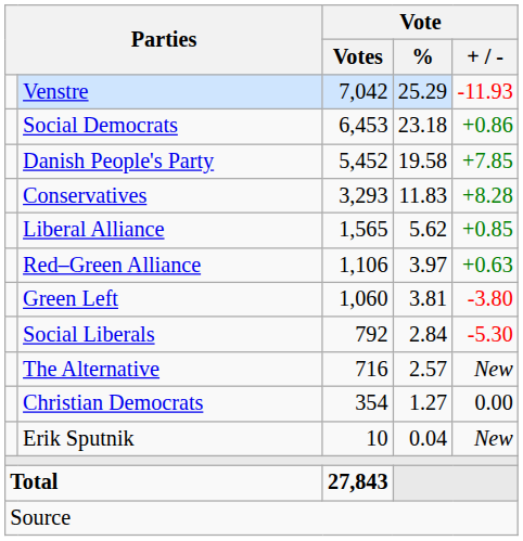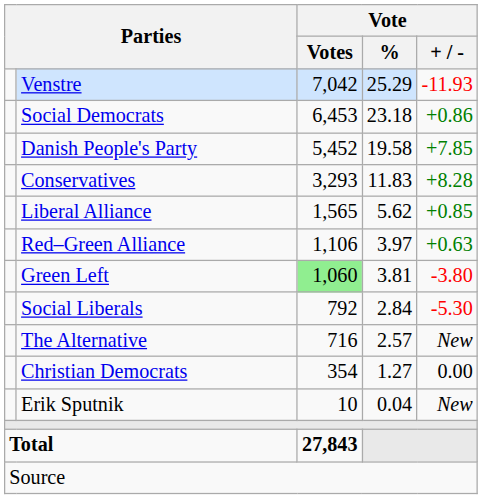 <table class="wikitable" style="text-align:right;">
 <tr>
 <th style="text-align:centre;" rowspan="2" colspan="2" width="225">Parties</th>
 <th colspan="3">Vote</th>
 </tr>
 <tr>
 <th width="15">Votes</th>
 <th width="15">%</th>
 <th width="15">+ / -</th>
 </tr>
 <tr>
 <td width="2" style="color:inherit;background:"></td>
 <td bgcolor=#cfe5fe  align="left"><a href='#'>Venstre</a></td>
 <td bgcolor=#cfe5fe>7,042</td>
 <td bgcolor=#cfe5fe>25.29</td>
 <td style=color:red;>-11.93</td>
 </tr>
 <tr>
 <td width="2" style="color:inherit;background:"></td>
 <td align="left"><a href='#'>Social Democrats</a></td>
 <td>6,453</td>
 <td>23.18</td>
 <td style=color:green;>+0.86</td>
 </tr>
 <tr>
 <td width="2" style="color:inherit;background:"></td>
 <td align="left"><a href='#'>Danish People's Party</a></td>
 <td>5,452</td>
 <td>19.58</td>
 <td style=color:green;>+7.85</td>
 </tr>
 <tr>
 <td width="2" style="color:inherit;background:"></td>
 <td align="left"><a href='#'>Conservatives</a></td>
 <td>3,293</td>
 <td>11.83</td>
 <td style=color:green;>+8.28</td>
 </tr>
 <tr>
 <td width="2" style="color:inherit;background:"></td>
 <td align="left"><a href='#'>Liberal Alliance</a></td>
 <td>1,565</td>
 <td>5.62</td>
 <td style=color:green;>+0.85</td>
 </tr>
 <tr>
 <td width="2" style="color:inherit;background:"></td>
 <td align="left"><a href='#'>Red–Green Alliance</a></td>
 <td>1,106</td>
 <td>3.97</td>
 <td style=color:green;>+0.63</td>
 </tr>
 <tr>
 <td width="2" style="color:inherit;background:"></td>
 <td align="left"><a href='#'>Green Left</a></td>
-<td>1,060</td>
+<td style="background: lightgreen;">1,060</td>
 <td>3.81</td>
 <td style=color:red;>-3.80</td>
 </tr>
 <tr>
 <td width="2" style="color:inherit;background:"></td>
 <td align="left"><a href='#'>Social Liberals</a></td>
 <td>792</td>
 <td>2.84</td>
 <td style=color:red;>-5.30</td>
 </tr>
 <tr>
 <td width="2" style="color:inherit;background:"></td>
 <td align="left"><a href='#'>The Alternative</a></td>
 <td>716</td>
 <td>2.57</td>
 <td><em>New</em></td>
 </tr>
 <tr>
 <td width="2" style="color:inherit;background:"></td>
 <td align="left"><a href='#'>Christian Democrats</a></td>
 <td>354</td>
 <td>1.27</td>
 <td>0.00</td>
 </tr>
 <tr>
 <td width="2" style="color:inherit;background:"></td>
 <td align="left">Erik Sputnik</td>
 <td>10</td>
 <td>0.04</td>
 <td><em>New</em></td>
 </tr>
 <tr>
 <td colspan="7" bgcolor="#E9E9E9"></td>
 </tr>
 <tr>
 <td align="left" colspan="2"><strong>Total</strong></td>
 <td><strong>27,843</strong></td>
 <td bgcolor="#E9E9E9" colspan="2"></td>
 </tr>
 <tr>
 <td align="left" colspan="6">Source</td>
 </tr>
 </table>
